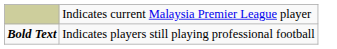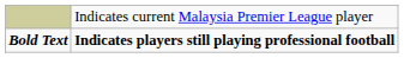 <table class="wikitable">
 <tr>
 <td align=center style="background-color:#cdce9c"></td>
 <td>Indicates current <a href='#'>Malaysia Premier League</a> player</td>
 </tr>
 <tr>
 <td><strong><em>Bold Text</em></strong></td>
-<td>Indicates players still playing professional football</td>
+<td><strong>Indicates players still playing professional football</strong></td>
 </tr>
 </table>
